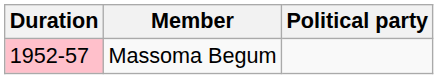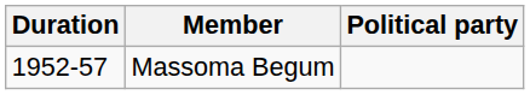 <table class="wikitable sortable">
 <tr>
 <th>Duration</th>
 <th>Member</th>
 <th colspan="2">Political party</th>
 </tr>
 <tr>
-<td style="background: pink;">1952-57</td>
+<td>1952-57</td>
 <td>Massoma Begum</td>
 <td></td>
 </tr>
 </table>
